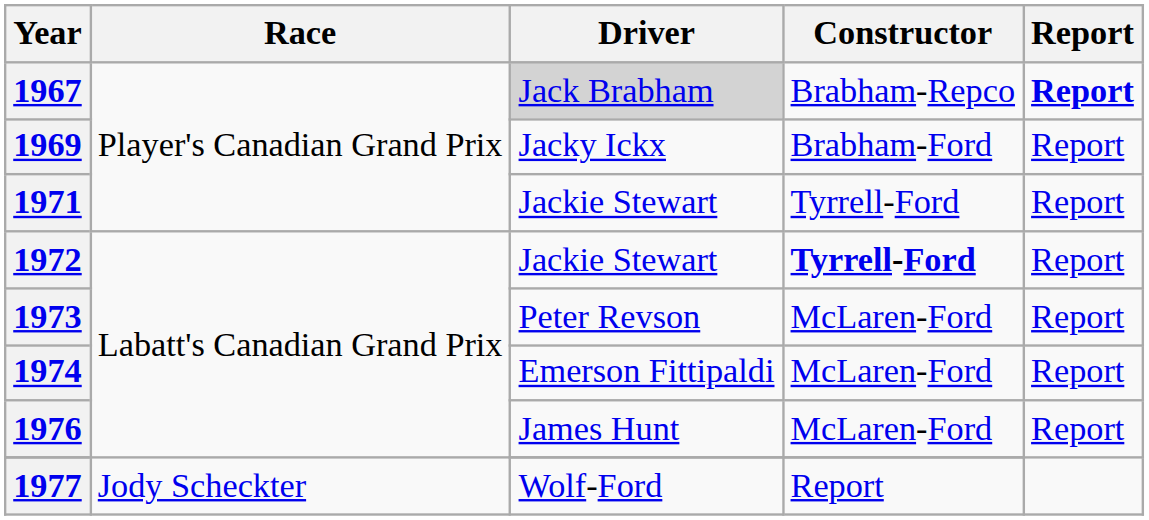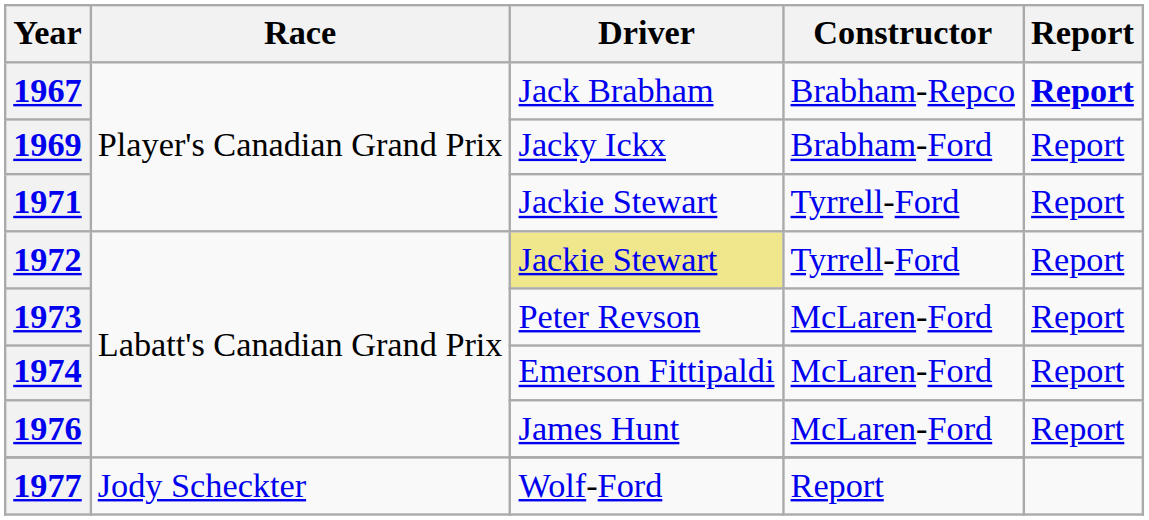 <table class="wikitable" style="font-size: 90%;">
 <tr>
 <th>Year</th>
 <th>Race</th>
 <th>Driver</th>
 <th>Constructor</th>
 <th>Report</th>
 </tr>
 <tr>
 <th><a href='#'>1967</a></th>
 <td rowspan="3">Player's Canadian Grand Prix</td>
-<td style="background: lightgrey;"> <a href='#'>Jack Brabham</a></td>
+<td> <a href='#'>Jack Brabham</a></td>
 <td><a href='#'>Brabham</a>-<a href='#'>Repco</a></td>
 <td><strong><a href='#'>Report</a></strong></td>
 </tr>
 <tr>
 <th><a href='#'>1969</a></th>
 <td> <a href='#'>Jacky Ickx</a></td>
 <td><a href='#'>Brabham</a>-<a href='#'>Ford</a></td>
 <td><a href='#'>Report</a></td>
 </tr>
 <tr>
 <th><a href='#'>1971</a></th>
 <td> <a href='#'>Jackie Stewart</a></td>
 <td><a href='#'>Tyrrell</a>-<a href='#'>Ford</a></td>
 <td><a href='#'>Report</a></td>
 </tr>
 <tr>
 <th><a href='#'>1972</a></th>
 <td rowspan="5">Labatt's Canadian Grand Prix</td>
-<td> <a href='#'>Jackie Stewart</a></td>
-<td><strong><a href='#'>Tyrrell</a>-<a href='#'>Ford</a></strong></td>
+<td style="background: khaki;"> <a href='#'>Jackie Stewart</a></td>
+<td><a href='#'>Tyrrell</a>-<a href='#'>Ford</a></td>
 <td><a href='#'>Report</a></td>
 </tr>
 <tr>
 <th><a href='#'>1973</a></th>
 <td> <a href='#'>Peter Revson</a></td>
 <td><a href='#'>McLaren</a>-<a href='#'>Ford</a></td>
 <td><a href='#'>Report</a></td>
 </tr>
 <tr>
 <th><a href='#'>1974</a></th>
 <td> <a href='#'>Emerson Fittipaldi</a></td>
 <td><a href='#'>McLaren</a>-<a href='#'>Ford</a></td>
 <td><a href='#'>Report</a></td>
 </tr>
 <tr>
 <th><a href='#'>1976</a></th>
 <td> <a href='#'>James Hunt</a></td>
 <td><a href='#'>McLaren</a>-<a href='#'>Ford</a></td>
 <td><a href='#'>Report</a></td>
 </tr>
 <tr style="background:#ddd;">
 </tr>
 <tr>
 <th><a href='#'>1977</a></th>
 <td> <a href='#'>Jody Scheckter</a></td>
 <td><a href='#'>Wolf</a>-<a href='#'>Ford</a></td>
 <td><a href='#'>Report</a></td>
 </tr>
 </table>
